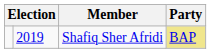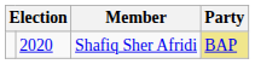 <table class="wikitable">
 <tr>
 <th colspan="2">Election</th>
 <th>Member</th>
 <th>Party</th>
 </tr>
 <tr>
 <td style="background-color: "></td>
-<td><a href='#'>2019</a></td>
+<td><a href='#'>2020</a></td>
 <td><a href='#'>Shafiq Sher Afridi</a></td>
 <td style="background: khaki;"><a href='#'>BAP</a></td>
 </tr>
 </table>
